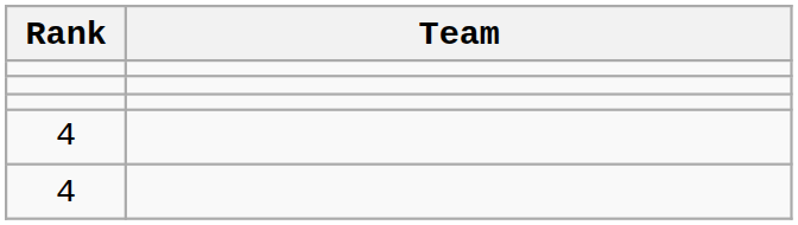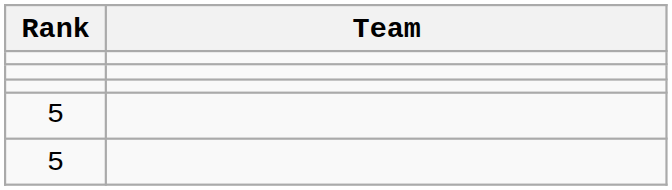 <table class="wikitable" style="text-align:center;">
 <tr>
 <th width=40>Rank</th>
 <th width=250>Team</th>
 </tr>
 <tr>
 <td></td>
 <td align=left></td>
 </tr>
 <tr>
 <td></td>
 <td align=left></td>
 </tr>
 <tr>
 <td></td>
 <td align=left></td>
 </tr>
 <tr>
-<td>4</td>
+<td>5</td>
 <td align=left></td>
 </tr>
 <tr>
-<td>4</td>
+<td>5</td>
 <td align=left></td>
 </tr>
 </table>
